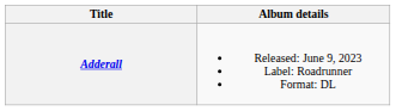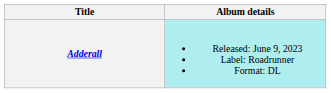 <table class="wikitable plainrowheaders" style="text-align:center;">
 <tr>
 <th scope="col" style="width:16em;">Title</th>
 <th scope="col" style="width:16em;">Album details</th>
 </tr>
 <tr>
 <th scope="row"><em><a href='#'>Adderall</a></em></th>
-<td><br><ul><li>Released: June 9, 2023</li><li>Label: Roadrunner</li><li>Format: DL</li></ul></td>
+<td style="background: paleturquoise;"><br><ul><li>Released: June 9, 2023</li><li>Label: Roadrunner</li><li>Format: DL</li></ul></td>
 </tr>
 </table>
